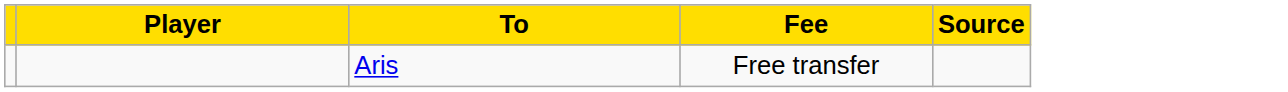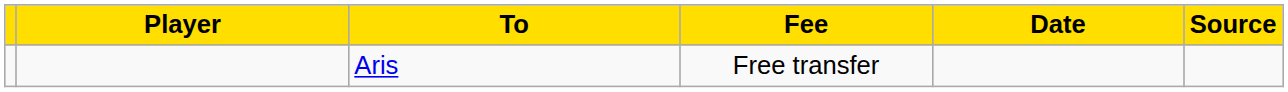 <table class="wikitable sortable">
 <tr>
 <th style="background:#FFDE00"></th>
 <th width=200 style="background:#FFDE00">Player</th>
 <th width=200 style="background:#FFDE00">To</th>
 <th width=150 style="background:#FFDE00">Fee</th>
+<th width=150 style="background:#FFDE00">Date</th>
 <th style="background:#FFDE00">Source</th>
 </tr>
 <tr>
 <td align=center></td>
 <td></td>
 <td> <a href='#'>Aris</a></td>
 <td align=center>Free transfer</td>
 <td align=center></td>
+<td align=center></td>
 </tr>
 </table>
